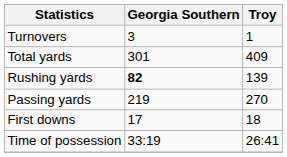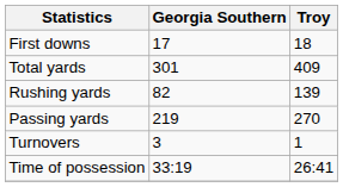 <table class="wikitable">
 <tr>
 <th>Statistics</th>
 <th>Georgia Southern</th>
 <th>Troy</th>
 </tr>
 <tr>
-<td>Turnovers</td>
-<td>3</td>
-<td>1</td>
+<td>First downs</td>
+<td>17</td>
+<td>18</td>
 </tr>
 <tr>
 <td>Total yards</td>
 <td>301</td>
 <td>409</td>
 </tr>
 <tr>
 <td>Rushing yards</td>
-<td><strong>82</strong></td>
+<td>82</td>
 <td>139</td>
 </tr>
 <tr>
 <td>Passing yards</td>
 <td>219</td>
 <td>270</td>
 </tr>
 <tr>
-<td>First downs</td>
-<td>17</td>
-<td>18</td>
+<td>Turnovers</td>
+<td>3</td>
+<td>1</td>
 </tr>
 <tr>
 <td>Time of possession</td>
 <td>33:19</td>
 <td>26:41</td>
 </tr>
 <tr>
 </tr>
 </table>
